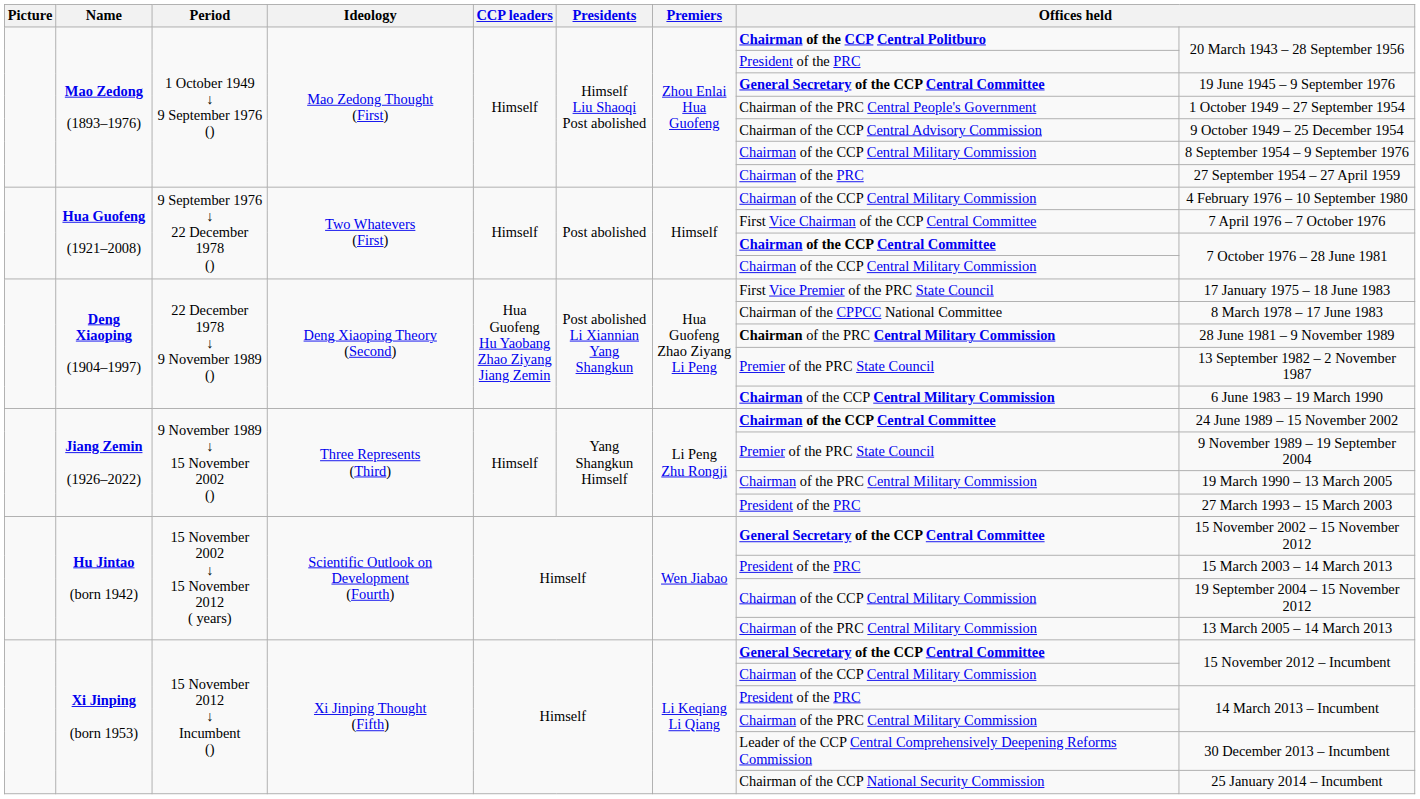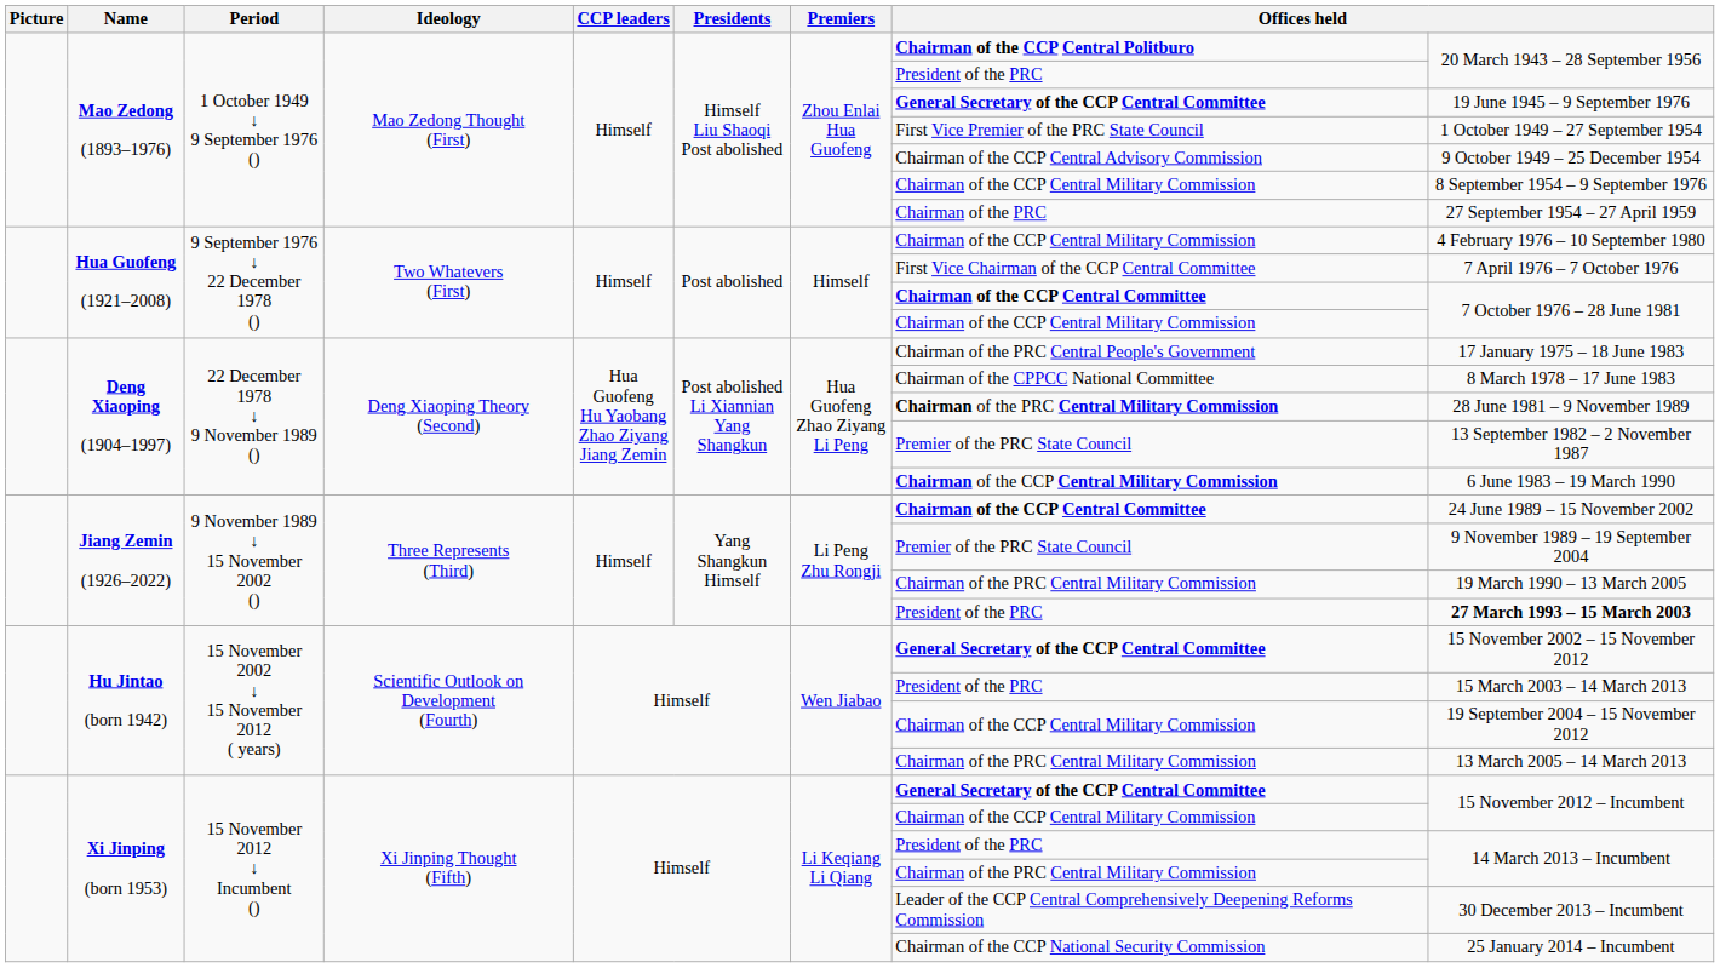 <table class="wikitable" style="text-align:center">
 <tr>
 <th>Picture</th>
 <th>Name</th>
 <th>Period</th>
 <th>Ideology<br></th>
 <th><a href='#'>CCP leaders</a></th>
 <th><a href='#'>Presidents</a></th>
 <th><a href='#'>Premiers</a></th>
 <th colspan=2>Offices held</th>
 </tr>
 <tr>
 <td rowspan=7></td>
 <td rowspan=7><strong><a href='#'>Mao Zedong</a></strong><br><br>(1893–1976)</td>
 <td rowspan=7>1 October 1949<br>↓<br>9 September 1976<br>()</td>
 <td rowspan=7><a href='#'>Mao Zedong Thought</a><br>(<a href='#'>First</a>)</td>
 <td rowspan=7>Himself</td>
 <td rowspan=7>Himself<br><a href='#'>Liu Shaoqi</a><br>Post abolished</td>
 <td rowspan=7><a href='#'>Zhou Enlai</a><br><a href='#'>Hua Guofeng</a></td>
 <td align=left><strong><a href='#'>Chairman</a> of the <a href='#'>CCP</a> <a href='#'>Central Politburo</a></strong></td>
 <td rowspan=2>20 March 1943 – 28 September 1956</td>
 </tr>
 <tr>
 <td align=left><a href='#'>President</a> of the <a href='#'>PRC</a></td>
 </tr>
 <tr>
 <td align=left><strong><a href='#'>General Secretary</a> of the CCP <a href='#'>Central Committee</a></strong></td>
 <td>19 June 1945 – 9 September 1976</td>
 </tr>
 <tr>
-<td align=left>Chairman of the PRC <a href='#'>Central People's Government</a></td>
+<td align=left>First <a href='#'>Vice Premier</a> of the PRC <a href='#'>State Council</a></td>
 <td>1 October 1949 – 27 September 1954</td>
 </tr>
 <tr>
 <td align=left>Chairman of the CCP <a href='#'>Central Advisory Commission</a></td>
 <td>9 October 1949 – 25 December 1954</td>
 </tr>
 <tr>
 <td align=left><a href='#'>Chairman</a> of the CCP <a href='#'>Central Military Commission</a></td>
 <td>8 September 1954 – 9 September 1976</td>
 </tr>
 <tr>
 <td align=left><a href='#'>Chairman</a> of the <a href='#'>PRC</a></td>
 <td>27 September 1954 – 27 April 1959</td>
 </tr>
 <tr>
 <td rowspan=4></td>
 <td rowspan=4><strong><a href='#'>Hua Guofeng</a></strong><br><br>(1921–2008)</td>
 <td rowspan=4>9 September 1976<br>↓<br>22 December 1978<br>()</td>
 <td rowspan=4><a href='#'>Two Whatevers</a><br>(<a href='#'>First</a>)</td>
 <td rowspan=4>Himself</td>
 <td rowspan=4>Post abolished</td>
 <td rowspan=4>Himself</td>
 <td align=left><a href='#'>Chairman</a> of the CCP <a href='#'>Central Military Commission</a></td>
 <td>4 February 1976 – 10 September 1980</td>
 </tr>
 <tr>
 <td align=left>First <a href='#'>Vice Chairman</a> of the CCP <a href='#'>Central Committee</a></td>
 <td>7 April 1976 – 7 October 1976</td>
 </tr>
 <tr>
 <td align=left><strong><a href='#'>Chairman</a> of the CCP <a href='#'>Central Committee</a></strong></td>
 <td rowspan=2>7 October 1976 – 28 June 1981</td>
 </tr>
 <tr>
 <td align=left><a href='#'>Chairman</a> of the CCP <a href='#'>Central Military Commission</a></td>
 </tr>
 <tr>
 <td rowspan=5></td>
 <td rowspan=5><strong><a href='#'>Deng Xiaoping</a></strong><br><br>(1904–1997)</td>
 <td rowspan=5>22 December 1978<br>↓<br>9 November 1989<br>()</td>
 <td rowspan=5><a href='#'>Deng Xiaoping Theory</a><br>(<a href='#'>Second</a>)</td>
 <td rowspan=5>Hua Guofeng<br><a href='#'>Hu Yaobang</a><br><a href='#'>Zhao Ziyang</a><br><a href='#'>Jiang Zemin</a></td>
 <td rowspan=5>Post abolished<br><a href='#'>Li Xiannian</a><br><a href='#'>Yang Shangkun</a></td>
 <td rowspan=5>Hua Guofeng<br>Zhao Ziyang<br><a href='#'>Li Peng</a></td>
-<td align=left>First <a href='#'>Vice Premier</a> of the PRC <a href='#'>State Council</a></td>
+<td align=left>Chairman of the PRC <a href='#'>Central People's Government</a></td>
 <td>17 January 1975 – 18 June 1983</td>
 </tr>
 <tr>
 <td align=left>Chairman of the <a href='#'>CPPCC</a> National Committee</td>
 <td>8 March 1978 – 17 June 1983</td>
 </tr>
 <tr>
 <td align=left><strong>Chairman</strong> of the PRC <strong><a href='#'>Central Military Commission</a></strong></td>
 <td>28 June 1981 – 9 November 1989</td>
 </tr>
 <tr>
 <td align=left><a href='#'>Premier</a> of the PRC <a href='#'>State Council</a></td>
 <td>13 September 1982 – 2 November 1987</td>
 </tr>
 <tr>
 <td align=left><strong><a href='#'>Chairman</a></strong> of the CCP <strong><a href='#'>Central Military Commission</a></strong></td>
 <td>6 June 1983 – 19 March 1990</td>
 </tr>
 <tr>
 <td rowspan=4></td>
 <td rowspan=4><strong><a href='#'>Jiang Zemin</a></strong><br><br>(1926–2022)</td>
 <td rowspan=4>9 November 1989<br>↓<br>15 November 2002<br>()</td>
 <td rowspan=4><a href='#'>Three Represents</a><br>(<a href='#'>Third</a>)</td>
 <td rowspan=4>Himself</td>
 <td rowspan=4>Yang Shangkun<br>Himself</td>
 <td rowspan=4>Li Peng<br><a href='#'>Zhu Rongji</a></td>
 <td align=left><strong><a href='#'>Chairman</a> of the CCP <a href='#'>Central Committee</a></strong></td>
 <td>24 June 1989 – 15 November 2002</td>
 </tr>
 <tr>
 <td align=left><a href='#'>Premier</a> of the PRC <a href='#'>State Council</a></td>
 <td>9 November 1989 – 19 September 2004</td>
 </tr>
 <tr>
 <td align=left><a href='#'>Chairman</a> of the PRC <a href='#'>Central Military Commission</a></td>
 <td>19 March 1990 – 13 March 2005</td>
 </tr>
 <tr>
 <td align=left><a href='#'>President</a> of the <a href='#'>PRC</a></td>
-<td>27 March 1993 – 15 March 2003</td>
+<td><strong>27 March 1993 – 15 March 2003</strong></td>
 </tr>
 <tr>
 <td rowspan=4></td>
 <td rowspan=4><strong><a href='#'>Hu Jintao</a></strong><br><br>(born 1942)</td>
 <td rowspan=4>15 November 2002<br>↓<br>15 November 2012<br>( years)</td>
 <td rowspan=4><a href='#'>Scientific Outlook on Development</a><br>(<a href='#'>Fourth</a>)</td>
 <td rowspan=4 colspan=2>Himself</td>
 <td rowspan=4><a href='#'>Wen Jiabao</a></td>
 <td align=left><strong><a href='#'>General Secretary</a> of the CCP <a href='#'>Central Committee</a></strong></td>
 <td>15 November 2002 – 15 November 2012</td>
 </tr>
 <tr>
 <td align=left><a href='#'>President</a> of the <a href='#'>PRC</a></td>
 <td>15 March 2003 – 14 March 2013</td>
 </tr>
 <tr>
 <td align=left><a href='#'>Chairman</a> of the CCP <a href='#'>Central Military Commission</a></td>
 <td>19 September 2004 – 15 November 2012</td>
 </tr>
 <tr>
 <td align=left><a href='#'>Chairman</a> of the PRC <a href='#'>Central Military Commission</a></td>
 <td>13 March 2005 – 14 March 2013</td>
 </tr>
 <tr>
 <td rowspan=6></td>
 <td rowspan=6><strong><a href='#'>Xi Jinping</a></strong><br><br>(born 1953)</td>
 <td rowspan=6>15 November 2012<br>↓<br>Incumbent<br>()</td>
 <td rowspan=6><a href='#'>Xi Jinping Thought</a><br>(<a href='#'>Fifth</a>)</td>
 <td rowspan=6 colspan=2>Himself</td>
 <td rowspan=6><a href='#'>Li Keqiang</a><br><a href='#'>Li Qiang</a></td>
 <td align=left><strong><a href='#'>General Secretary</a> of the CCP <a href='#'>Central Committee</a></strong></td>
 <td rowspan=2>15 November 2012 – Incumbent</td>
 </tr>
 <tr>
 <td align=left><a href='#'>Chairman</a> of the CCP <a href='#'>Central Military Commission</a></td>
 </tr>
 <tr>
 <td align=left><a href='#'>President</a> of the <a href='#'>PRC</a></td>
 <td rowspan=2>14 March 2013 – Incumbent</td>
 </tr>
 <tr>
 <td align=left><a href='#'>Chairman</a> of the PRC <a href='#'>Central Military Commission</a></td>
 </tr>
 <tr>
 <td align=left>Leader of the CCP <a href='#'>Central Comprehensively Deepening Reforms Commission</a></td>
 <td>30 December 2013 – Incumbent</td>
 </tr>
 <tr>
 <td align=left>Chairman of the CCP <a href='#'>National Security Commission</a></td>
 <td>25 January 2014 – Incumbent</td>
 </tr>
 </table>
